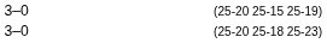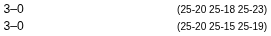 <table>
 <tr>
 <th width=200></th>
 <th width=80></th>
 <th width=200></th>
 <th width=220></th>
 </tr>
 <tr>
 <td align=right><strong></strong></td>
 <td align=center>3–0</td>
 <td></td>
-<td><small>(25-20 25-15 25-19)</small></td>
+<td><small>(25-20 25-18 25-23)</small></td>
 </tr>
 <tr>
 <td align=right><strong></strong></td>
 <td align=center>3–0</td>
 <td></td>
-<td><small>(25-20 25-18 25-23)</small></td>
+<td><small>(25-20 25-15 25-19)</small></td>
 </tr>
 </table>
